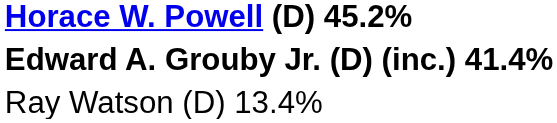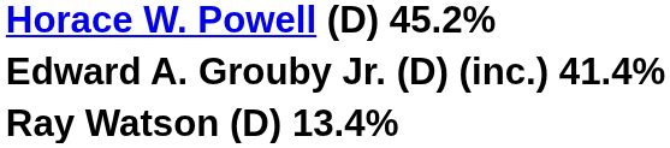 <table>
 <tr>
 <td><strong><a href='#'>Horace W. Powell</a> (D) 45.2%</strong></td>
 </tr>
 <tr>
 <td><strong>Edward A. Grouby Jr. (D) (inc.) 41.4%</strong></td>
 </tr>
 <tr>
-<td>Ray Watson (D) 13.4%</td>
+<td><strong>Ray Watson (D) 13.4%</strong></td>
 </tr>
 </table>
